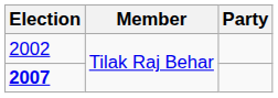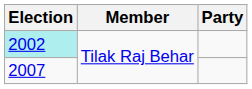 <table class="wikitable sortable">
 <tr>
 <th>Election</th>
 <th>Member</th>
 <th colspan=2>Party</th>
 </tr>
 <tr>
-<td><a href='#'>2002</a></td>
+<td style="background: paleturquoise;"><a href='#'>2002</a></td>
 <td rowspan=2><a href='#'>Tilak Raj Behar</a></td>
 <td></td>
 </tr>
 <tr>
-<td><strong><a href='#'>2007</a></strong></td>
+<td><a href='#'>2007</a></td>
 </tr>
 </table>
